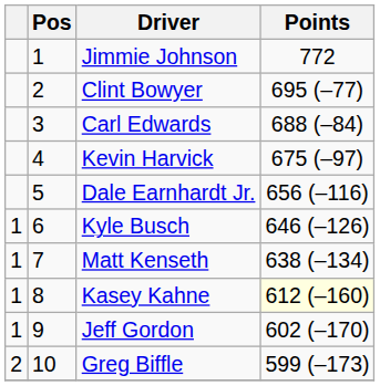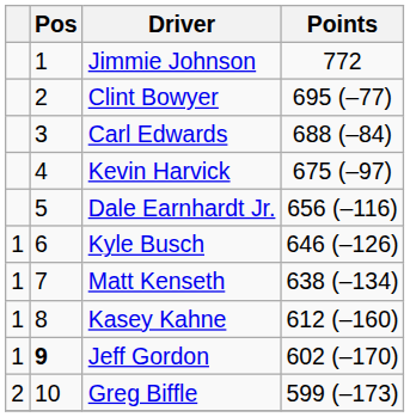 <table class="wikitable " style="font-size: 95%;">
 <tr>
 <th></th>
 <th>Pos</th>
 <th>Driver</th>
 <th>Points</th>
 </tr>
 <tr>
 <td align="left"></td>
 <td>1</td>
 <td><a href='#'>Jimmie Johnson</a></td>
 <td style="text-align:center;">772</td>
 </tr>
 <tr>
 <td align="left"></td>
 <td>2</td>
 <td><a href='#'>Clint Bowyer</a></td>
 <td style="text-align:center;">695 (–77)</td>
 </tr>
 <tr>
 <td align="left"></td>
 <td>3</td>
 <td><a href='#'>Carl Edwards</a></td>
 <td style="text-align:center;">688 (–84)</td>
 </tr>
 <tr>
 <td align="left"></td>
 <td>4</td>
 <td><a href='#'>Kevin Harvick</a></td>
 <td style="text-align:center;">675 (–97)</td>
 </tr>
 <tr>
 <td align="left"></td>
 <td>5</td>
 <td><a href='#'>Dale Earnhardt Jr.</a></td>
 <td style="text-align:center;">656 (–116)</td>
 </tr>
 <tr>
 <td align="left"> 1</td>
 <td>6</td>
 <td><a href='#'>Kyle Busch</a></td>
 <td style="text-align:center;">646 (–126)</td>
 </tr>
 <tr>
 <td align="left"> 1</td>
 <td>7</td>
 <td><a href='#'>Matt Kenseth</a></td>
 <td style="text-align:center;">638 (–134)</td>
 </tr>
 <tr>
 <td align="left"> 1</td>
 <td>8</td>
 <td><a href='#'>Kasey Kahne</a></td>
-<td style="background: lightyellow; text-align:center;">612 (–160)</td>
+<td style="text-align:center;">612 (–160)</td>
 </tr>
 <tr>
 <td align="left"> 1</td>
-<td>9</td>
+<td><strong>9</strong></td>
 <td><a href='#'>Jeff Gordon</a></td>
 <td style="text-align:center;">602 (–170)</td>
 </tr>
 <tr>
 <td align="left"> 2</td>
 <td>10</td>
 <td><a href='#'>Greg Biffle</a></td>
 <td style="text-align:center;">599 (–173)</td>
 </tr>
 <tr>
 </tr>
 </table>
